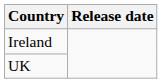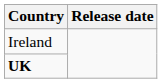 <table class="wikitable">
 <tr>
 <th>Country</th>
 <th>Release date</th>
 </tr>
 <tr>
 <td>Ireland</td>
 <td rowspan="2"></td>
 </tr>
 <tr>
-<td>UK</td>
+<td><strong>UK</strong></td>
 </tr>
 </table>
